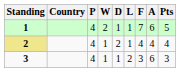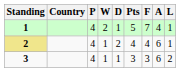 <table class="wikitable" style="text-align: center">
 <tr>
 <th scope="col">Standing</th>
 <th scope="col">Country</th>
 <th scope="col">P</th>
 <th scope="col">W</th>
 <th scope="col">D</th>
-<th scope="col">L</th>
+<th scope="col">Pts</th>
 <th scope="col">F</th>
 <th scope="col">A</th>
-<th scope="col">Pts</th>
+<th scope="col">L</th>
 </tr>
 <tr style="background:#ccffcc;">
 <td><strong>1</strong></td>
 <td style="text-align: left"><strong></strong></td>
 <td>4</td>
 <td>2</td>
 <td>1</td>
+<td>5</td>
+<td>7</td>
+<td>4</td>
 <td>1</td>
-<td>7</td>
-<td>6</td>
-<td>5</td>
 </tr>
 <tr>
 <td style="background: khaki;"><strong>2</strong></td>
 <td style="text-align: left"></td>
 <td>4</td>
 <td>1</td>
 <td>2</td>
-<td>1</td>
 <td>4</td>
 <td>4</td>
-<td>4</td>
+<td>6</td>
+<td>1</td>
 </tr>
 <tr>
 <td><strong>3</strong></td>
 <td style="text-align: left"></td>
 <td>4</td>
 <td>1</td>
 <td>1</td>
-<td>2</td>
+<td>3</td>
 <td>3</td>
 <td>6</td>
-<td>3</td>
+<td>2</td>
 </tr>
 </table>
